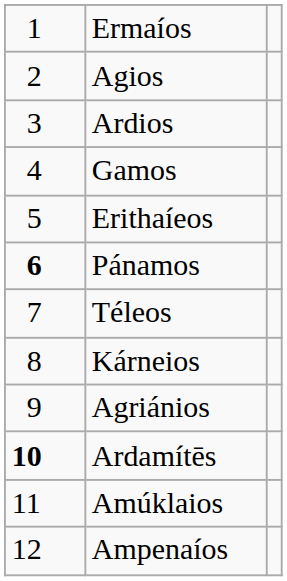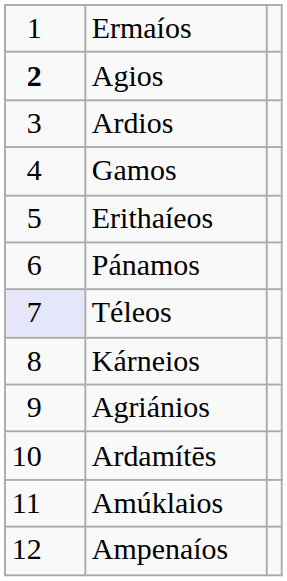 <table class="wikitable">
 <tr>
 <td>  1</td>
 <td>Ermaíos</td>
 <td></td>
 </tr>
 <tr>
-<td>  2</td>
+<td><strong>  2</strong></td>
 <td>Agios</td>
 <td></td>
 </tr>
 <tr>
 <td>  3</td>
 <td>Ardios</td>
 <td></td>
 </tr>
 <tr>
 <td>  4</td>
 <td>Gamos</td>
 <td></td>
 </tr>
 <tr>
 <td>  5</td>
 <td>Erithaíeos</td>
 <td></td>
 </tr>
 <tr>
-<td><strong>  6</strong></td>
+<td>  6</td>
 <td>Pánamos</td>
 <td></td>
 </tr>
 <tr>
-<td>  7</td>
+<td style="background: lavender;">  7</td>
 <td>Téleos</td>
 <td></td>
 </tr>
 <tr>
 <td>  8</td>
 <td>Kárneios</td>
 <td></td>
 </tr>
 <tr>
 <td>  9</td>
 <td>Agriánios</td>
 <td></td>
 </tr>
 <tr>
-<td><strong>10</strong></td>
+<td>10</td>
 <td>Ardamítēs</td>
 <td></td>
 </tr>
 <tr>
 <td>11  </td>
 <td>Amúklaios  </td>
 <td></td>
 </tr>
 <tr>
 <td>12</td>
 <td>Ampenaíos</td>
 <td></td>
 </tr>
 </table>
